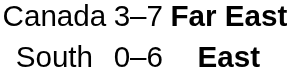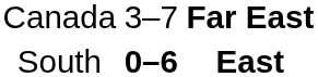 <table>
 <tr>
 <td align=center>Canada</td>
 <td align=center>3–7</td>
 <td align=center><strong>Far East</strong></td>
 </tr>
 <tr>
 <td align=center>South</td>
-<td align=center>0–6</td>
+<td align=center><strong>0–6</strong></td>
 <td align=center><strong>East</strong></td>
 </tr>
 </table>
